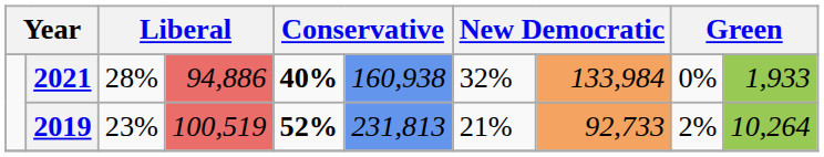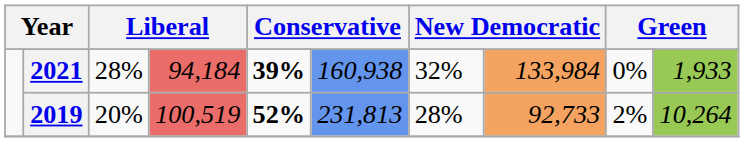 <table class="wikitable" style="float:right; width:400; font-size:90%; margin-left:1em;">
 <tr>
 <th colspan="2" scope="col">Year</th>
 <th colspan="2" scope="col"><a href='#'>Liberal</a></th>
 <th colspan="2" scope="col"><a href='#'>Conservative</a></th>
 <th colspan="2" scope="col"><a href='#'>New Democratic</a></th>
 <th colspan="2" scope="col"><a href='#'>Green</a></th>
 </tr>
 <tr>
 <td rowspan="2" style="width: 0.25em; background-color: "></td>
 <th><a href='#'>2021</a></th>
 <td>28%</td>
-<td style="text-align:right; background:#EA6D6A;"><em>94,886</em></td>
-<td><strong>40%</strong></td>
+<td style="text-align:right; background:#EA6D6A;"><em>94,184</em></td>
+<td><strong>39%</strong></td>
 <td style="text-align:right; background:#6495ED;"><em>160,938</em></td>
 <td>32%</td>
 <td style="text-align:right; background:#F4A460;"><em>133,984</em></td>
 <td>0%</td>
 <td style="text-align:right; background:#99C955;"><em>1,933</em></td>
 </tr>
 <tr>
 <th><a href='#'>2019</a></th>
-<td>23%</td>
+<td>20%</td>
 <td style="text-align:right; background:#EA6D6A;"><em>100,519</em></td>
 <td><strong>52%</strong></td>
 <td style="text-align:right; background:#6495ED;"><em>231,813</em></td>
-<td>21%</td>
+<td>28%</td>
 <td style="text-align:right; background:#F4A460;"><em>92,733</em></td>
 <td>2%</td>
 <td style="text-align:right; background:#99C955;"><em>10,264</em></td>
 </tr>
 <tr>
 </tr>
 </table>
